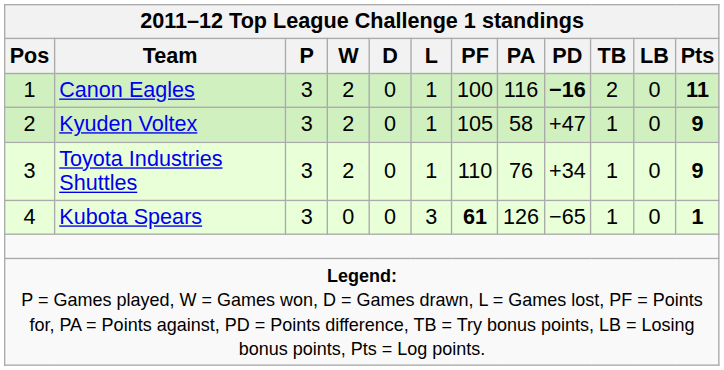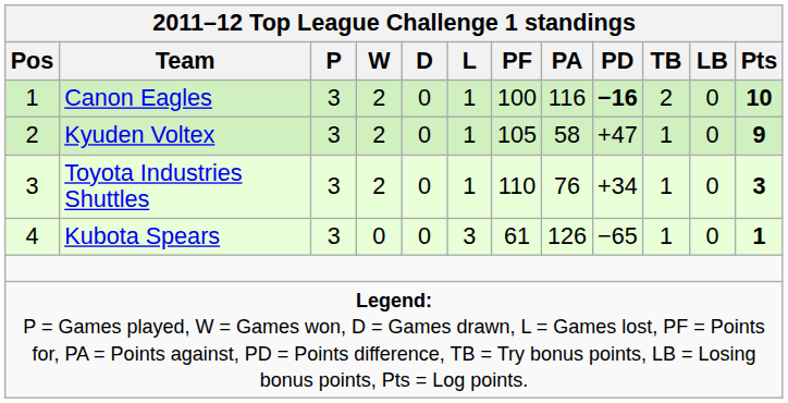 <table class="wikitable" style="text-align:center; font-size:100%; width:60%;">
 <tr>
 <th colspan="100%" cellpadding="0" cellspacing="0"><strong>2011–12 Top League Challenge 1 standings</strong></th>
 </tr>
 <tr>
 <th style="width:6%;">Pos</th>
 <th style="width:34%;">Team</th>
 <th style="width:6%;">P</th>
 <th style="width:6%;">W</th>
 <th style="width:6%;">D</th>
 <th style="width:6%;">L</th>
 <th style="width:6%;">PF</th>
 <th style="width:6%;">PA</th>
 <th style="width:6%;">PD</th>
 <th style="width:6%;">TB</th>
 <th style="width:6%;">LB</th>
 <th style="width:6%;">Pts<br></th>
 </tr>
 <tr style="background:#D0F0C0;">
 <td>1</td>
 <td style="text-align:left;"><a href='#'>Canon Eagles</a></td>
 <td>3</td>
 <td>2</td>
 <td>0</td>
 <td>1</td>
 <td>100</td>
 <td>116</td>
 <td><strong>−16</strong></td>
 <td>2</td>
 <td>0</td>
-<td><strong>11</strong></td>
+<td><strong>10</strong></td>
 </tr>
 <tr style="background:#D0F0C0;">
 <td>2</td>
 <td style="text-align:left;"><a href='#'>Kyuden Voltex</a></td>
 <td>3</td>
 <td>2</td>
 <td>0</td>
 <td>1</td>
 <td>105</td>
 <td>58</td>
 <td>+47</td>
 <td>1</td>
 <td>0</td>
 <td><strong>9</strong></td>
 </tr>
 <tr style="background:#E8FFD8;">
 <td>3</td>
 <td style="text-align:left;"><a href='#'>Toyota Industries Shuttles</a></td>
 <td>3</td>
 <td>2</td>
 <td>0</td>
 <td>1</td>
 <td>110</td>
 <td>76</td>
 <td>+34</td>
 <td>1</td>
 <td>0</td>
-<td><strong>9</strong></td>
+<td><strong>3</strong></td>
 </tr>
 <tr style="background:#E8FFD8;">
 <td>4</td>
 <td style="text-align:left;"><a href='#'>Kubota Spears</a></td>
 <td>3</td>
 <td>0</td>
 <td>0</td>
 <td>3</td>
-<td><strong>61</strong></td>
+<td>61</td>
 <td>126</td>
 <td>−65</td>
 <td>1</td>
 <td>0</td>
 <td><strong>1</strong></td>
 </tr>
 <tr>
 <td colspan="100%" style="height:10px;"></td>
 </tr>
 <tr>
 <td colspan="100%"><small><strong>Legend:</strong> <br> P = Games played, W = Games won, D = Games drawn, L = Games lost, PF = Points for, PA = Points against, PD = Points difference, TB = Try bonus points, LB = Losing bonus points, Pts = Log points.</small></td>
 </tr>
 </table>
